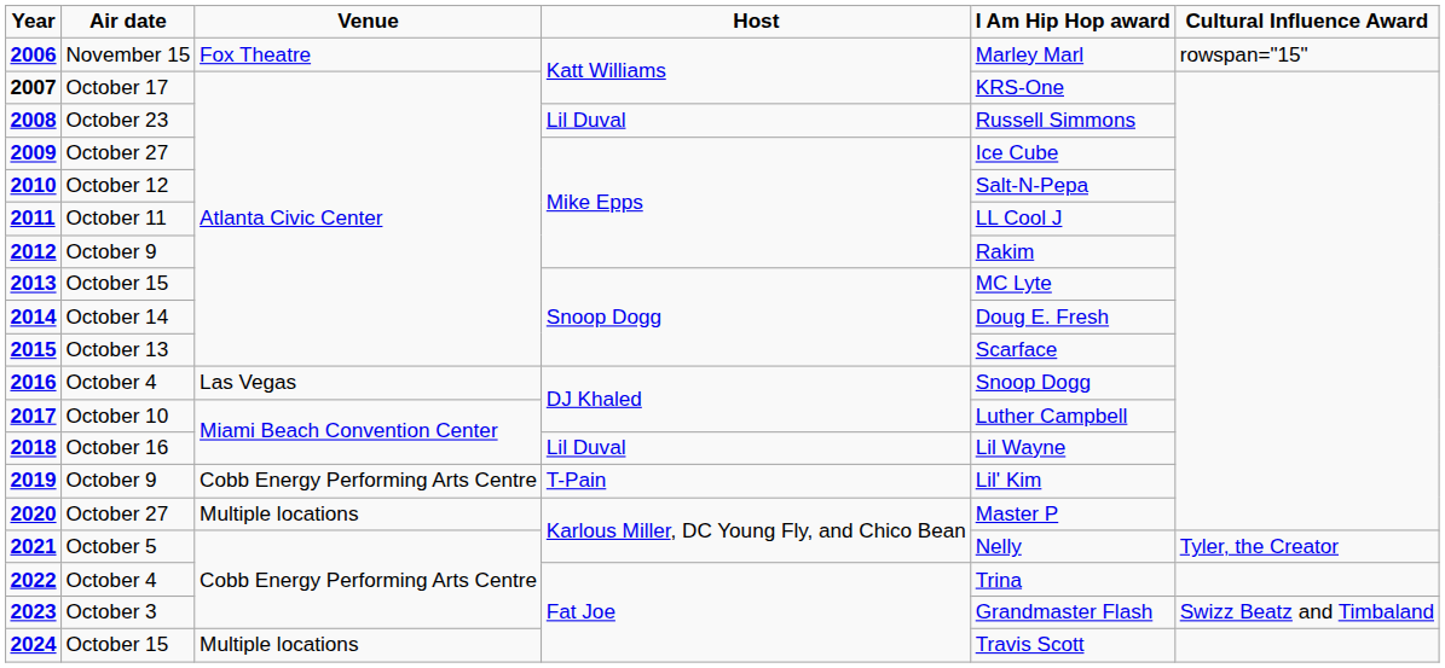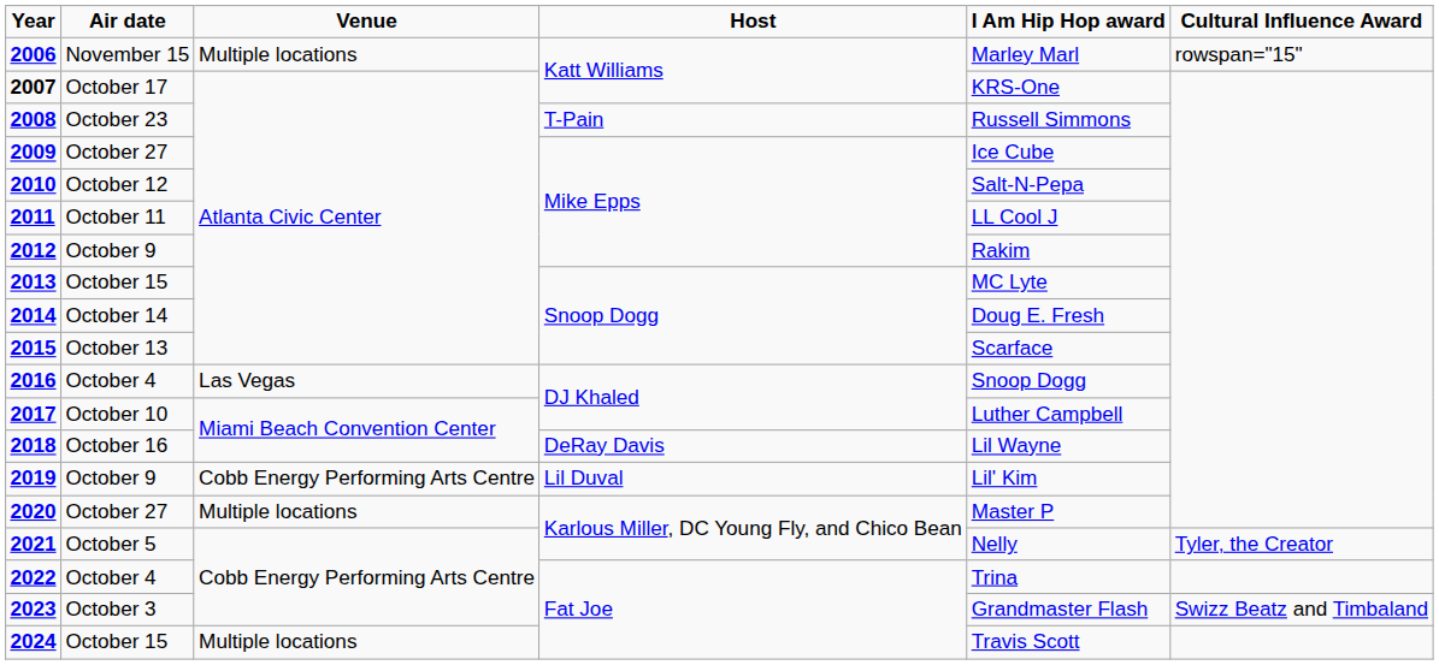 <table class="wikitable">
 <tr>
 <td align="center"><strong>Year</strong></td>
 <td align="center"><strong>Air date</strong></td>
 <td align="center"><strong>Venue</strong></td>
 <td align="center"><strong>Host</strong></td>
 <td align="center"><strong>I Am Hip Hop award</strong></td>
 <td align="center"><strong>Cultural Influence Award</strong></td>
 </tr>
 <tr>
 <td><strong><a href='#'>2006</a></strong></td>
 <td>November 15</td>
-<td><a href='#'>Fox Theatre</a></td>
+<td>Multiple locations</td>
 <td rowspan="2"><a href='#'>Katt Williams</a></td>
 <td><a href='#'>Marley Marl</a></td>
 <td>rowspan="15" </td>
 </tr>
 <tr>
 <td><strong>2007</strong></td>
 <td>October 17</td>
 <td rowspan="9"><a href='#'>Atlanta Civic Center</a></td>
 <td><a href='#'>KRS-One</a></td>
 </tr>
 <tr>
 <td><strong><a href='#'>2008</a></strong></td>
 <td>October 23</td>
-<td><a href='#'>Lil Duval</a></td>
+<td><a href='#'>T-Pain</a></td>
 <td><a href='#'>Russell Simmons</a></td>
 </tr>
 <tr>
 <td><strong><a href='#'>2009</a></strong></td>
 <td>October 27</td>
 <td rowspan="4"><a href='#'>Mike Epps</a></td>
 <td><a href='#'>Ice Cube</a></td>
 </tr>
 <tr>
 <td><strong><a href='#'>2010</a></strong></td>
 <td>October 12</td>
 <td><a href='#'>Salt-N-Pepa</a></td>
 </tr>
 <tr>
 <td><strong><a href='#'>2011</a></strong></td>
 <td>October 11</td>
 <td><a href='#'>LL Cool J</a></td>
 </tr>
 <tr>
 <td><strong><a href='#'>2012</a></strong></td>
 <td>October 9</td>
 <td><a href='#'>Rakim</a></td>
 </tr>
 <tr>
 <td><strong><a href='#'>2013</a></strong></td>
 <td>October 15</td>
 <td rowspan="3"><a href='#'>Snoop Dogg</a></td>
 <td><a href='#'>MC Lyte</a></td>
 </tr>
 <tr>
 <td><strong><a href='#'>2014</a></strong></td>
 <td>October 14</td>
 <td><a href='#'>Doug E. Fresh</a></td>
 </tr>
 <tr>
 <td><strong><a href='#'>2015</a></strong></td>
 <td>October 13</td>
 <td><a href='#'>Scarface</a></td>
 </tr>
 <tr>
 <td><strong><a href='#'>2016</a></strong></td>
 <td>October 4</td>
 <td>Las Vegas</td>
 <td rowspan="2"><a href='#'>DJ Khaled</a></td>
 <td><a href='#'>Snoop Dogg</a></td>
 </tr>
 <tr>
 <td><strong><a href='#'>2017</a></strong></td>
 <td>October 10</td>
 <td rowspan="2"><a href='#'>Miami Beach Convention Center</a></td>
 <td><a href='#'>Luther Campbell</a></td>
 </tr>
 <tr>
 <td><strong><a href='#'>2018</a></strong></td>
 <td>October 16</td>
-<td><a href='#'>Lil Duval</a></td>
+<td><a href='#'>DeRay Davis</a></td>
 <td><a href='#'>Lil Wayne</a></td>
 </tr>
 <tr>
 <td><strong><a href='#'>2019</a></strong></td>
 <td>October 9</td>
 <td>Cobb Energy Performing Arts Centre</td>
-<td><a href='#'>T-Pain</a></td>
+<td><a href='#'>Lil Duval</a></td>
 <td><a href='#'>Lil' Kim</a></td>
 </tr>
 <tr>
 <td><strong><a href='#'>2020</a></strong></td>
 <td>October 27</td>
 <td>Multiple locations</td>
 <td rowspan="2"><a href='#'>Karlous Miller</a>, DC Young Fly, and Chico Bean</td>
 <td><a href='#'>Master P</a></td>
 </tr>
 <tr>
 <td><strong><a href='#'>2021</a></strong></td>
 <td>October 5</td>
 <td rowspan="3">Cobb Energy Performing Arts Centre</td>
 <td><a href='#'>Nelly</a></td>
 <td><a href='#'>Tyler, the Creator</a></td>
 </tr>
 <tr>
 <td><strong><a href='#'>2022</a></strong></td>
 <td>October 4</td>
 <td rowspan="3"><a href='#'>Fat Joe</a></td>
 <td><a href='#'>Trina</a></td>
 <td></td>
 </tr>
 <tr>
 <td><strong><a href='#'>2023</a></strong></td>
 <td>October 3</td>
 <td><a href='#'>Grandmaster Flash</a></td>
 <td><a href='#'>Swizz Beatz</a> and <a href='#'>Timbaland</a></td>
 </tr>
 <tr>
 <td><strong><a href='#'>2024</a></strong></td>
 <td>October 15</td>
 <td>Multiple locations</td>
 <td><a href='#'>Travis Scott</a></td>
 <td></td>
 </tr>
 </table>
